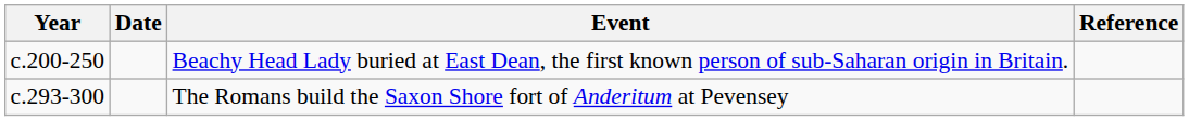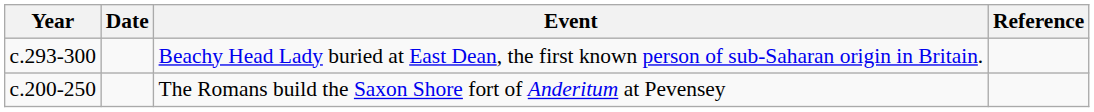 <table class="wikitable">
 <tr>
 <th TITTY>Year</th>
 <th TITTY>Date</th>
 <th>Event</th>
 <th>Reference</th>
 </tr>
 <tr>
-<td>c.200-250</td>
+<td>c.293-300</td>
 <td></td>
 <td><a href='#'>Beachy Head Lady</a> buried at <a href='#'>East Dean</a>, the first known <a href='#'>person of sub-Saharan origin in Britain</a>.</td>
 <td></td>
 </tr>
 <tr>
-<td>c.293-300</td>
+<td>c.200-250</td>
 <td></td>
 <td>The Romans build the <a href='#'>Saxon Shore</a> fort of <em><a href='#'>Anderitum</a></em> at Pevensey</td>
 <td></td>
 </tr>
 </table>
